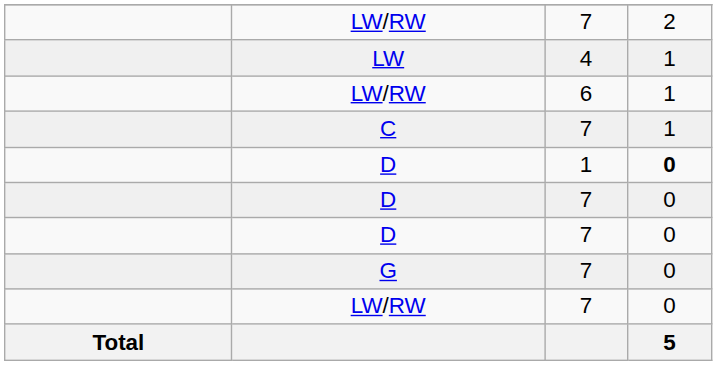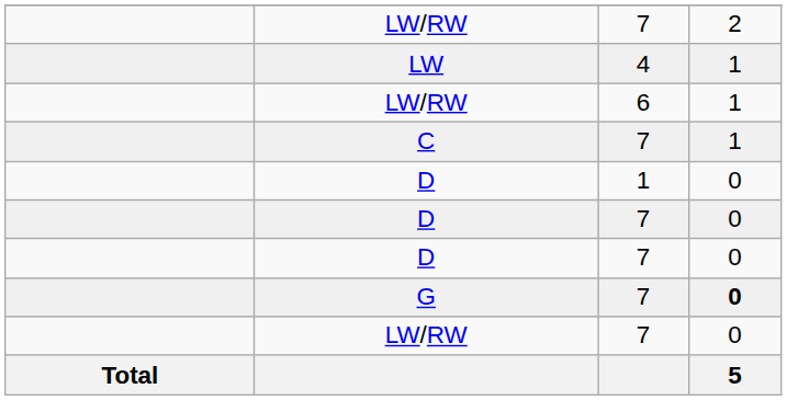 <table class="wikitable sortable" width ="40%">
 <tr align="center">
 </tr>
 <tr align="center" bgcolor="">
 <td></td>
 <td><a href='#'>LW</a>/<a href='#'>RW</a></td>
 <td>7</td>
 <td>2</td>
 </tr>
 <tr align="center" bgcolor="f0f0f0">
 <td></td>
 <td><a href='#'>LW</a></td>
 <td>4</td>
 <td>1</td>
 </tr>
 <tr align="center" bgcolor="">
 <td></td>
 <td><a href='#'>LW</a>/<a href='#'>RW</a></td>
 <td>6</td>
 <td>1</td>
 </tr>
 <tr align="center" bgcolor="f0f0f0">
 <td></td>
 <td><a href='#'>C</a></td>
 <td>7</td>
 <td>1</td>
 </tr>
 <tr align="center" bgcolor="">
 <td></td>
 <td><a href='#'>D</a></td>
 <td>1</td>
-<td><strong>0</strong></td>
+<td>0</td>
 </tr>
 <tr align="center" bgcolor="f0f0f0">
 <td></td>
 <td><a href='#'>D</a></td>
 <td>7</td>
 <td>0</td>
 </tr>
 <tr align="center" bgcolor="">
 <td></td>
 <td><a href='#'>D</a></td>
 <td>7</td>
 <td>0</td>
 </tr>
 <tr align="center" bgcolor="f0f0f0">
 <td></td>
 <td><a href='#'>G</a></td>
 <td>7</td>
-<td>0</td>
+<td><strong>0</strong></td>
 </tr>
 <tr align="center" bgcolor="">
 <td></td>
 <td><a href='#'>LW</a>/<a href='#'>RW</a></td>
 <td>7</td>
 <td>0</td>
 </tr>
 <tr>
 <th>Total</th>
 <th></th>
 <th></th>
 <th>5</th>
 </tr>
 </table>
